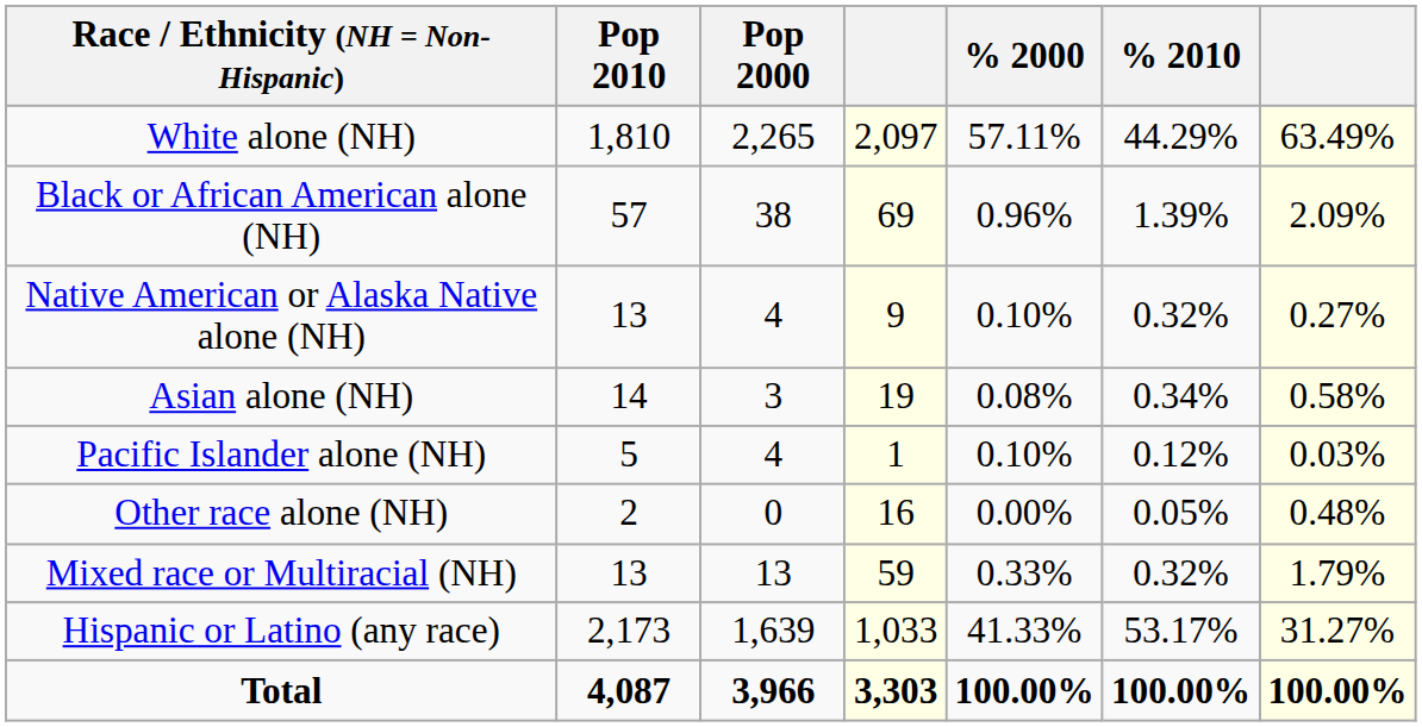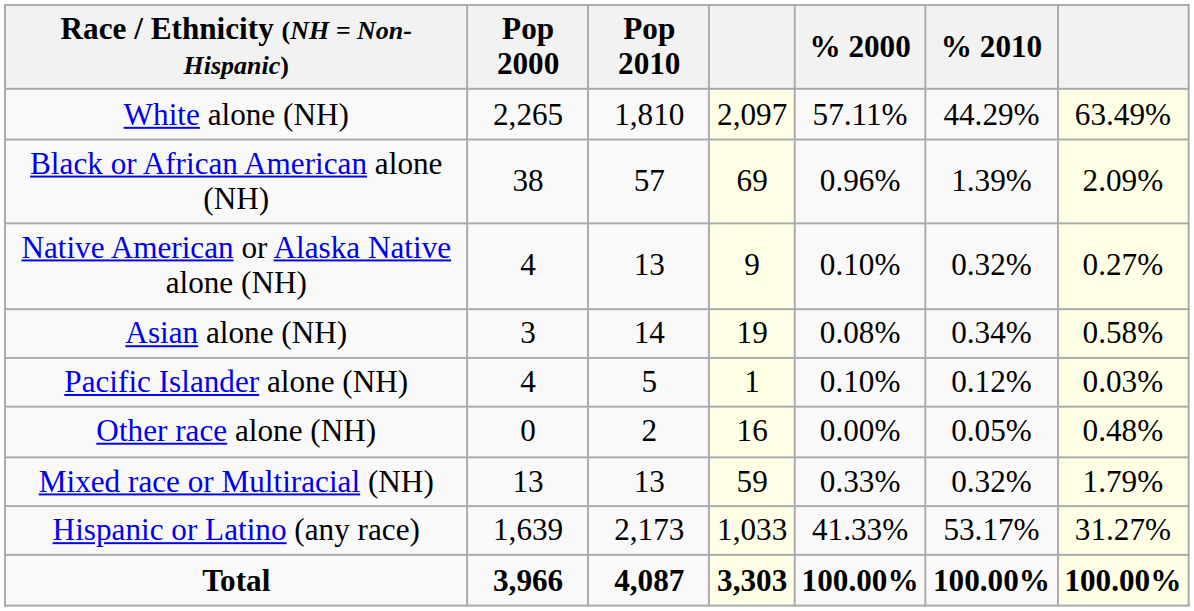 <table class="wikitable" style="text-align:center;">
 <tr>
 <th>Race / Ethnicity <small>(<em>NH = Non-Hispanic</em>)</small></th>
+<th>Pop 2000</th>
 <th>Pop 2010</th>
-<th>Pop 2000</th>
 <th></th>
 <th>% 2000</th>
 <th>% 2010</th>
 <th></th>
 </tr>
 <tr>
 <td><a href='#'>White</a> alone (NH)</td>
+<td>2,265</td>
 <td>1,810</td>
-<td>2,265</td>
 <td style='background: #ffffe6;'>2,097</td>
 <td>57.11%</td>
 <td>44.29%</td>
 <td style='background: #ffffe6;'>63.49%</td>
 </tr>
 <tr>
 <td><a href='#'>Black or African American</a> alone (NH)</td>
+<td>38</td>
 <td>57</td>
-<td>38</td>
 <td style='background: #ffffe6;'>69</td>
 <td>0.96%</td>
 <td>1.39%</td>
 <td style='background: #ffffe6;'>2.09%</td>
 </tr>
 <tr>
 <td><a href='#'>Native American</a> or <a href='#'>Alaska Native</a> alone (NH)</td>
+<td>4</td>
 <td>13</td>
-<td>4</td>
 <td style='background: #ffffe6;'>9</td>
 <td>0.10%</td>
 <td>0.32%</td>
 <td style='background: #ffffe6;'>0.27%</td>
 </tr>
 <tr>
 <td><a href='#'>Asian</a> alone (NH)</td>
+<td>3</td>
 <td>14</td>
-<td>3</td>
 <td style='background: #ffffe6;'>19</td>
 <td>0.08%</td>
 <td>0.34%</td>
 <td style='background: #ffffe6;'>0.58%</td>
 </tr>
 <tr>
 <td><a href='#'>Pacific Islander</a> alone (NH)</td>
+<td>4</td>
 <td>5</td>
-<td>4</td>
 <td style='background: #ffffe6;'>1</td>
 <td>0.10%</td>
 <td>0.12%</td>
 <td style='background: #ffffe6;'>0.03%</td>
 </tr>
 <tr>
 <td><a href='#'>Other race</a> alone (NH)</td>
+<td>0</td>
 <td>2</td>
-<td>0</td>
 <td style='background: #ffffe6;'>16</td>
 <td>0.00%</td>
 <td>0.05%</td>
 <td style='background: #ffffe6;'>0.48%</td>
 </tr>
 <tr>
 <td><a href='#'>Mixed race or Multiracial</a> (NH)</td>
 <td>13</td>
 <td>13</td>
 <td style='background: #ffffe6;'>59</td>
 <td>0.33%</td>
 <td>0.32%</td>
 <td style='background: #ffffe6;'>1.79%</td>
 </tr>
 <tr>
 <td><a href='#'>Hispanic or Latino</a> (any race)</td>
+<td>1,639</td>
 <td>2,173</td>
-<td>1,639</td>
 <td style='background: #ffffe6;'>1,033</td>
 <td>41.33%</td>
 <td>53.17%</td>
 <td style='background: #ffffe6;'>31.27%</td>
 </tr>
 <tr>
 <td><strong>Total</strong></td>
+<td><strong>3,966</strong></td>
 <td><strong>4,087</strong></td>
-<td><strong>3,966</strong></td>
 <td style='background: #ffffe6;'><strong>3,303</strong></td>
 <td><strong>100.00%</strong></td>
 <td><strong>100.00%</strong></td>
 <td style='background: #ffffe6;'><strong>100.00%</strong></td>
 </tr>
 </table>
